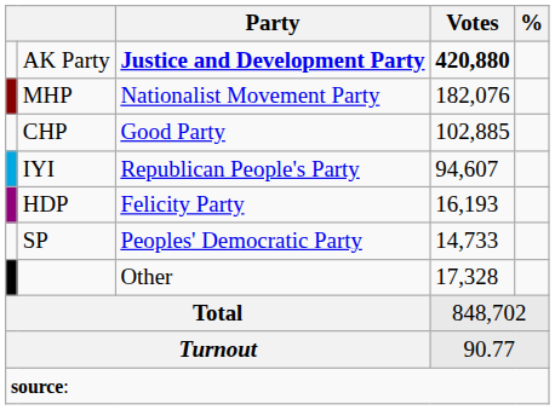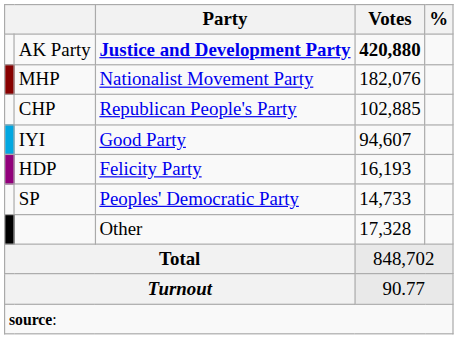 <table class="wikitable">
 <tr>
 <th colspan="2" align="center"></th>
 <th align="center">Party</th>
 <th align="center">Votes</th>
 <th align="center">%</th>
 </tr>
 <tr align="left">
 <td></td>
 <td>AK Party</td>
 <td><strong><a href='#'>Justice and Development Party</a></strong></td>
 <td><strong>420,880</strong></td>
 <td><strong></strong></td>
 </tr>
 <tr align="left">
 <td bgcolor="#870000" width="1"></td>
 <td>MHP</td>
 <td><a href='#'>Nationalist Movement Party</a></td>
 <td>182,076</td>
 <td></td>
 </tr>
 <tr align="left">
 <td></td>
 <td>CHP</td>
-<td><a href='#'>Good Party</a></td>
+<td><a href='#'>Republican People's Party</a></td>
 <td>102,885</td>
 <td></td>
 </tr>
 <tr align="left">
 <td bgcolor="#01A7E1" width="1"></td>
 <td>IYI</td>
-<td><a href='#'>Republican People's Party</a></td>
+<td><a href='#'>Good Party</a></td>
 <td>94,607</td>
 <td></td>
 </tr>
 <tr align="left">
 <td bgcolor="#91007B" width="1"></td>
 <td>HDP</td>
 <td><a href='#'>Felicity Party</a></td>
 <td>16,193</td>
 <td></td>
 </tr>
 <tr align="left">
 <td></td>
 <td>SP</td>
 <td><a href='#'>Peoples' Democratic Party</a></td>
 <td>14,733</td>
 <td></td>
 </tr>
 <tr align="left">
 <td bgcolor=" " width="1"></td>
 <td></td>
 <td>Other</td>
 <td>17,328</td>
 <td></td>
 </tr>
 <tr align="left" style="background-color:#E9E9E9">
 <th colspan="3" align="center"><strong>Total</strong></th>
 <td colspan="5" align="center">848,702</td>
 </tr>
 <tr align="left" style="background-color:#E9E9E9">
 <th colspan="3" align="center"><em>Turnout</em></th>
 <td colspan="5" align="center">90.77</td>
 </tr>
 <tr>
 <td colspan="9" align="left"><small><strong>source</strong>: </small></td>
 </tr>
 </table>
